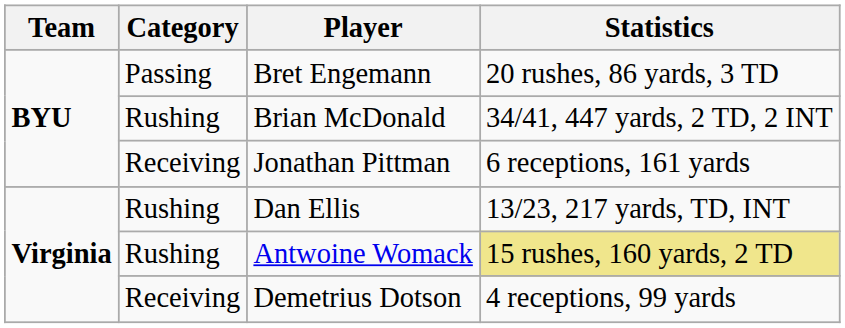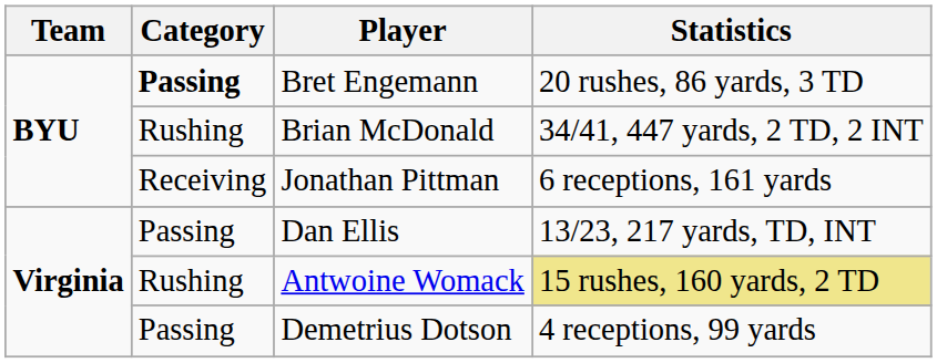 <table class="wikitable" style="float: left;">
 <tr>
 <th>Team</th>
 <th>Category</th>
 <th>Player</th>
 <th>Statistics</th>
 </tr>
 <tr>
 <td rowspan=3><strong>BYU</strong></td>
-<td>Passing</td>
+<td><strong>Passing</strong></td>
 <td>Bret Engemann</td>
 <td>20 rushes, 86 yards, 3 TD</td>
 </tr>
 <tr>
 <td>Rushing</td>
 <td>Brian McDonald</td>
 <td>34/41, 447 yards, 2 TD, 2 INT</td>
 </tr>
 <tr>
 <td>Receiving</td>
 <td>Jonathan Pittman</td>
 <td>6 receptions, 161 yards</td>
 </tr>
 <tr>
 <td rowspan=3><strong>Virginia</strong></td>
-<td>Rushing</td>
+<td>Passing</td>
 <td>Dan Ellis</td>
 <td>13/23, 217 yards, TD, INT</td>
 </tr>
 <tr>
 <td>Rushing</td>
 <td><a href='#'>Antwoine Womack</a></td>
 <td style="background: khaki;">15 rushes, 160 yards, 2 TD</td>
 </tr>
 <tr>
-<td>Receiving</td>
+<td>Passing</td>
 <td>Demetrius Dotson</td>
 <td>4 receptions, 99 yards</td>
 </tr>
 </table>
